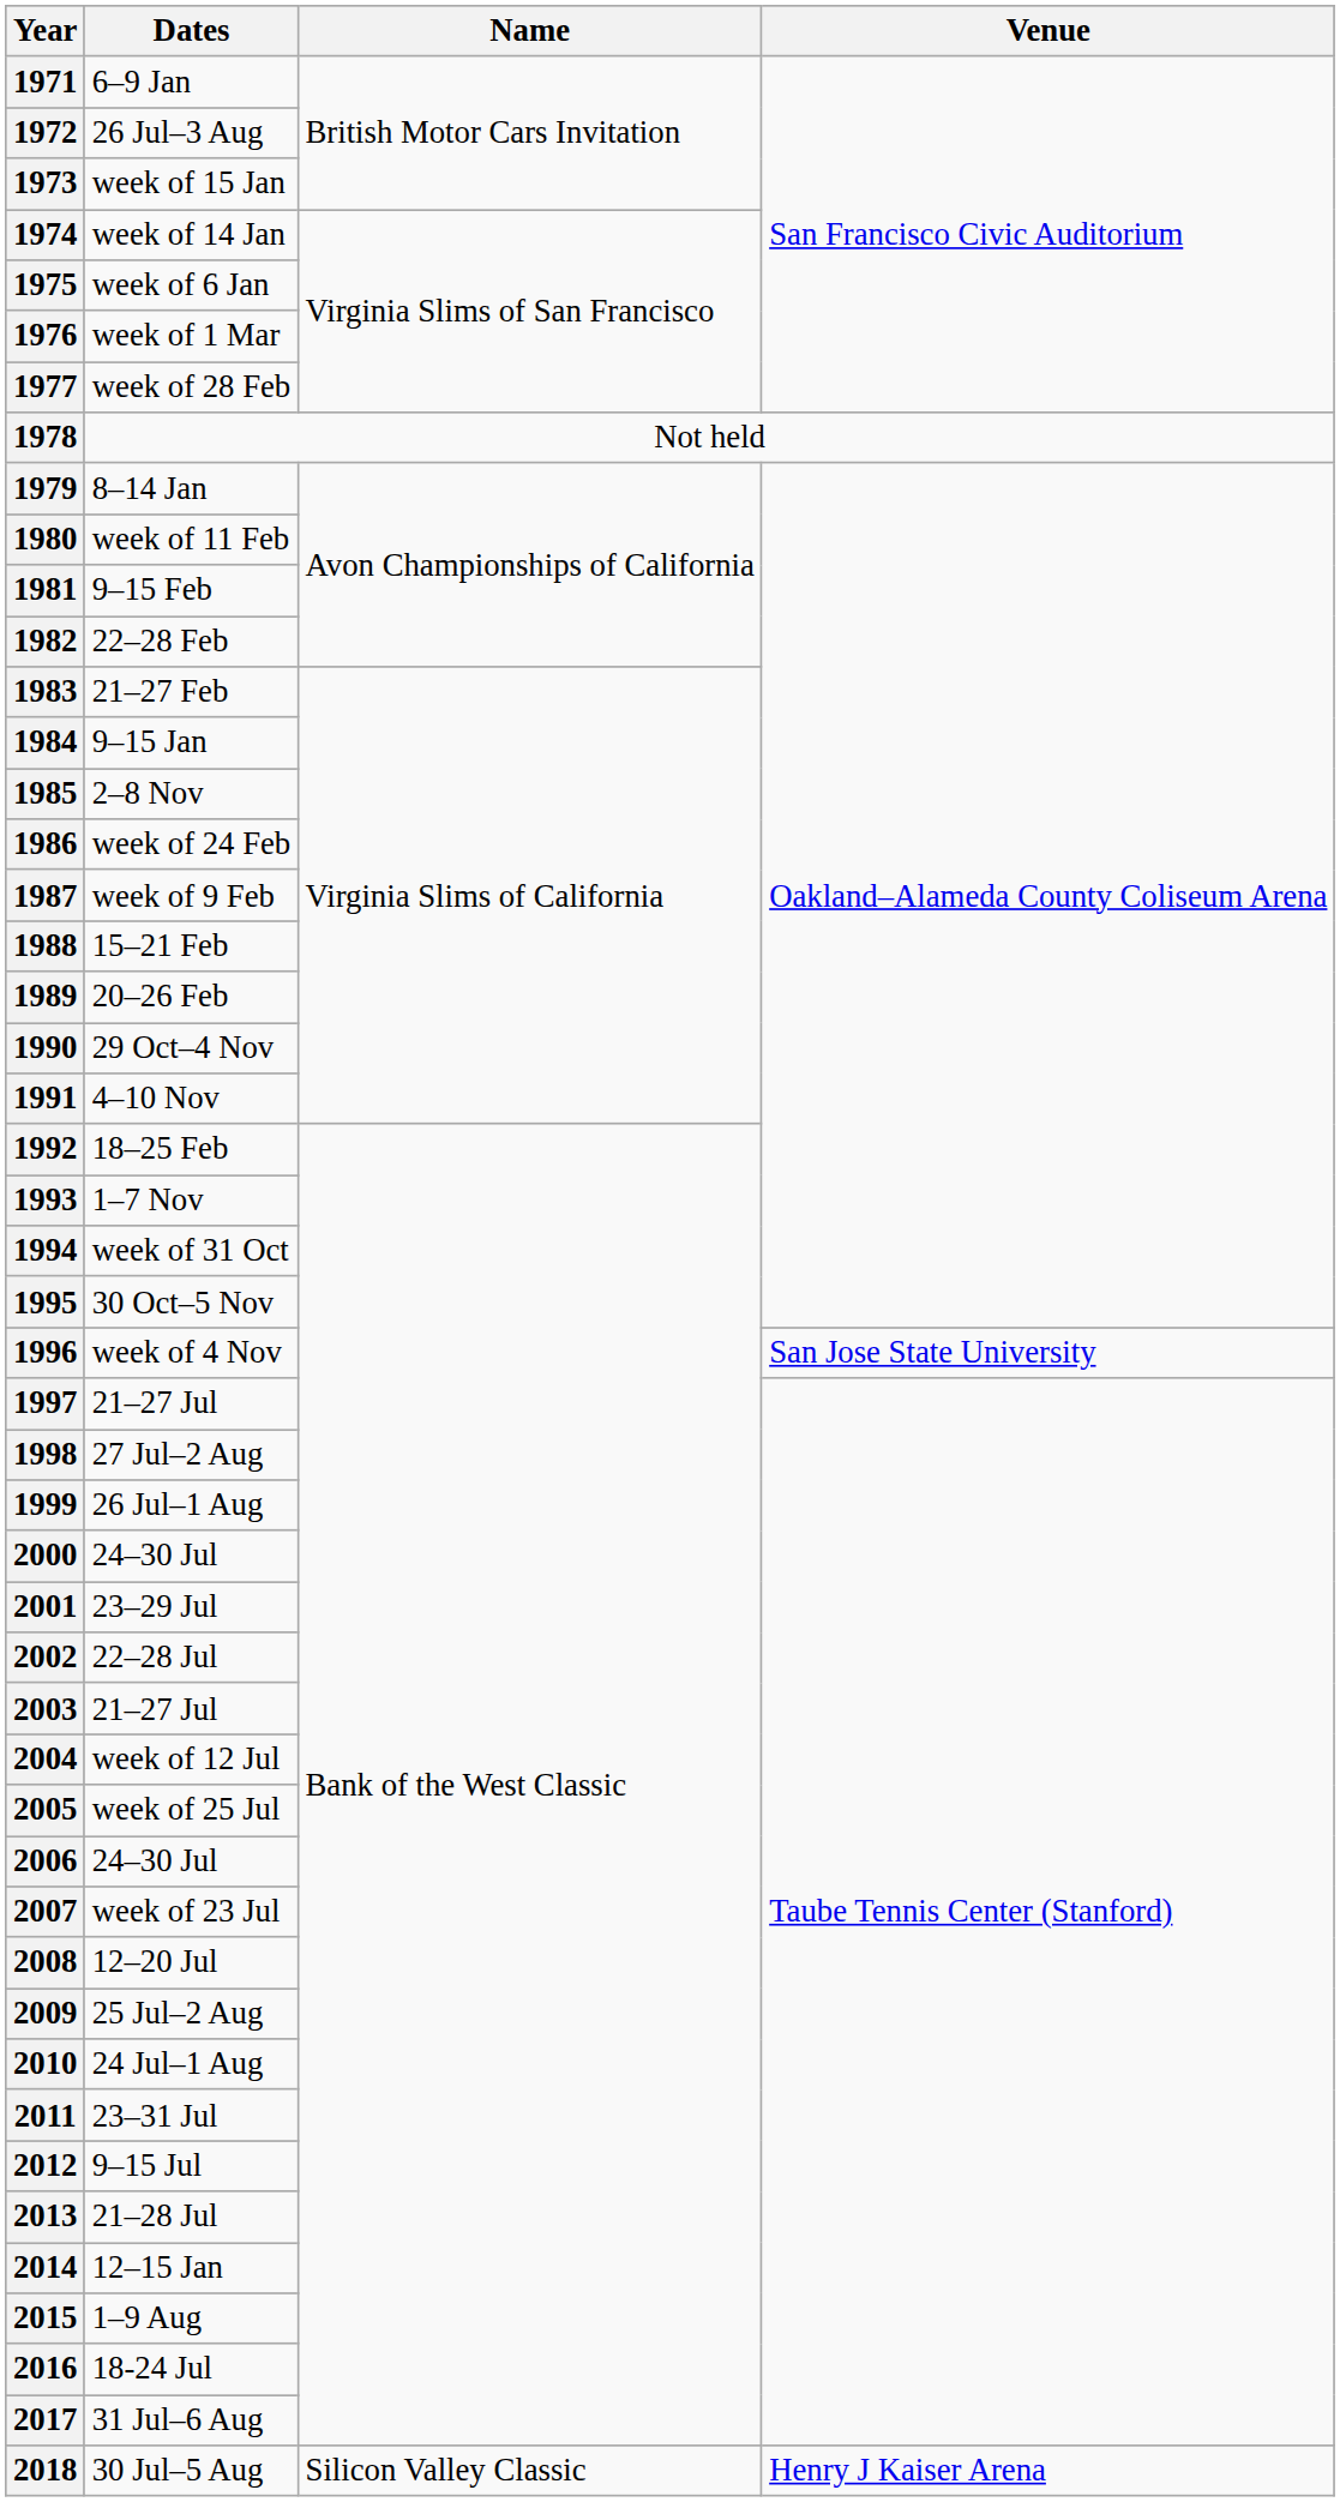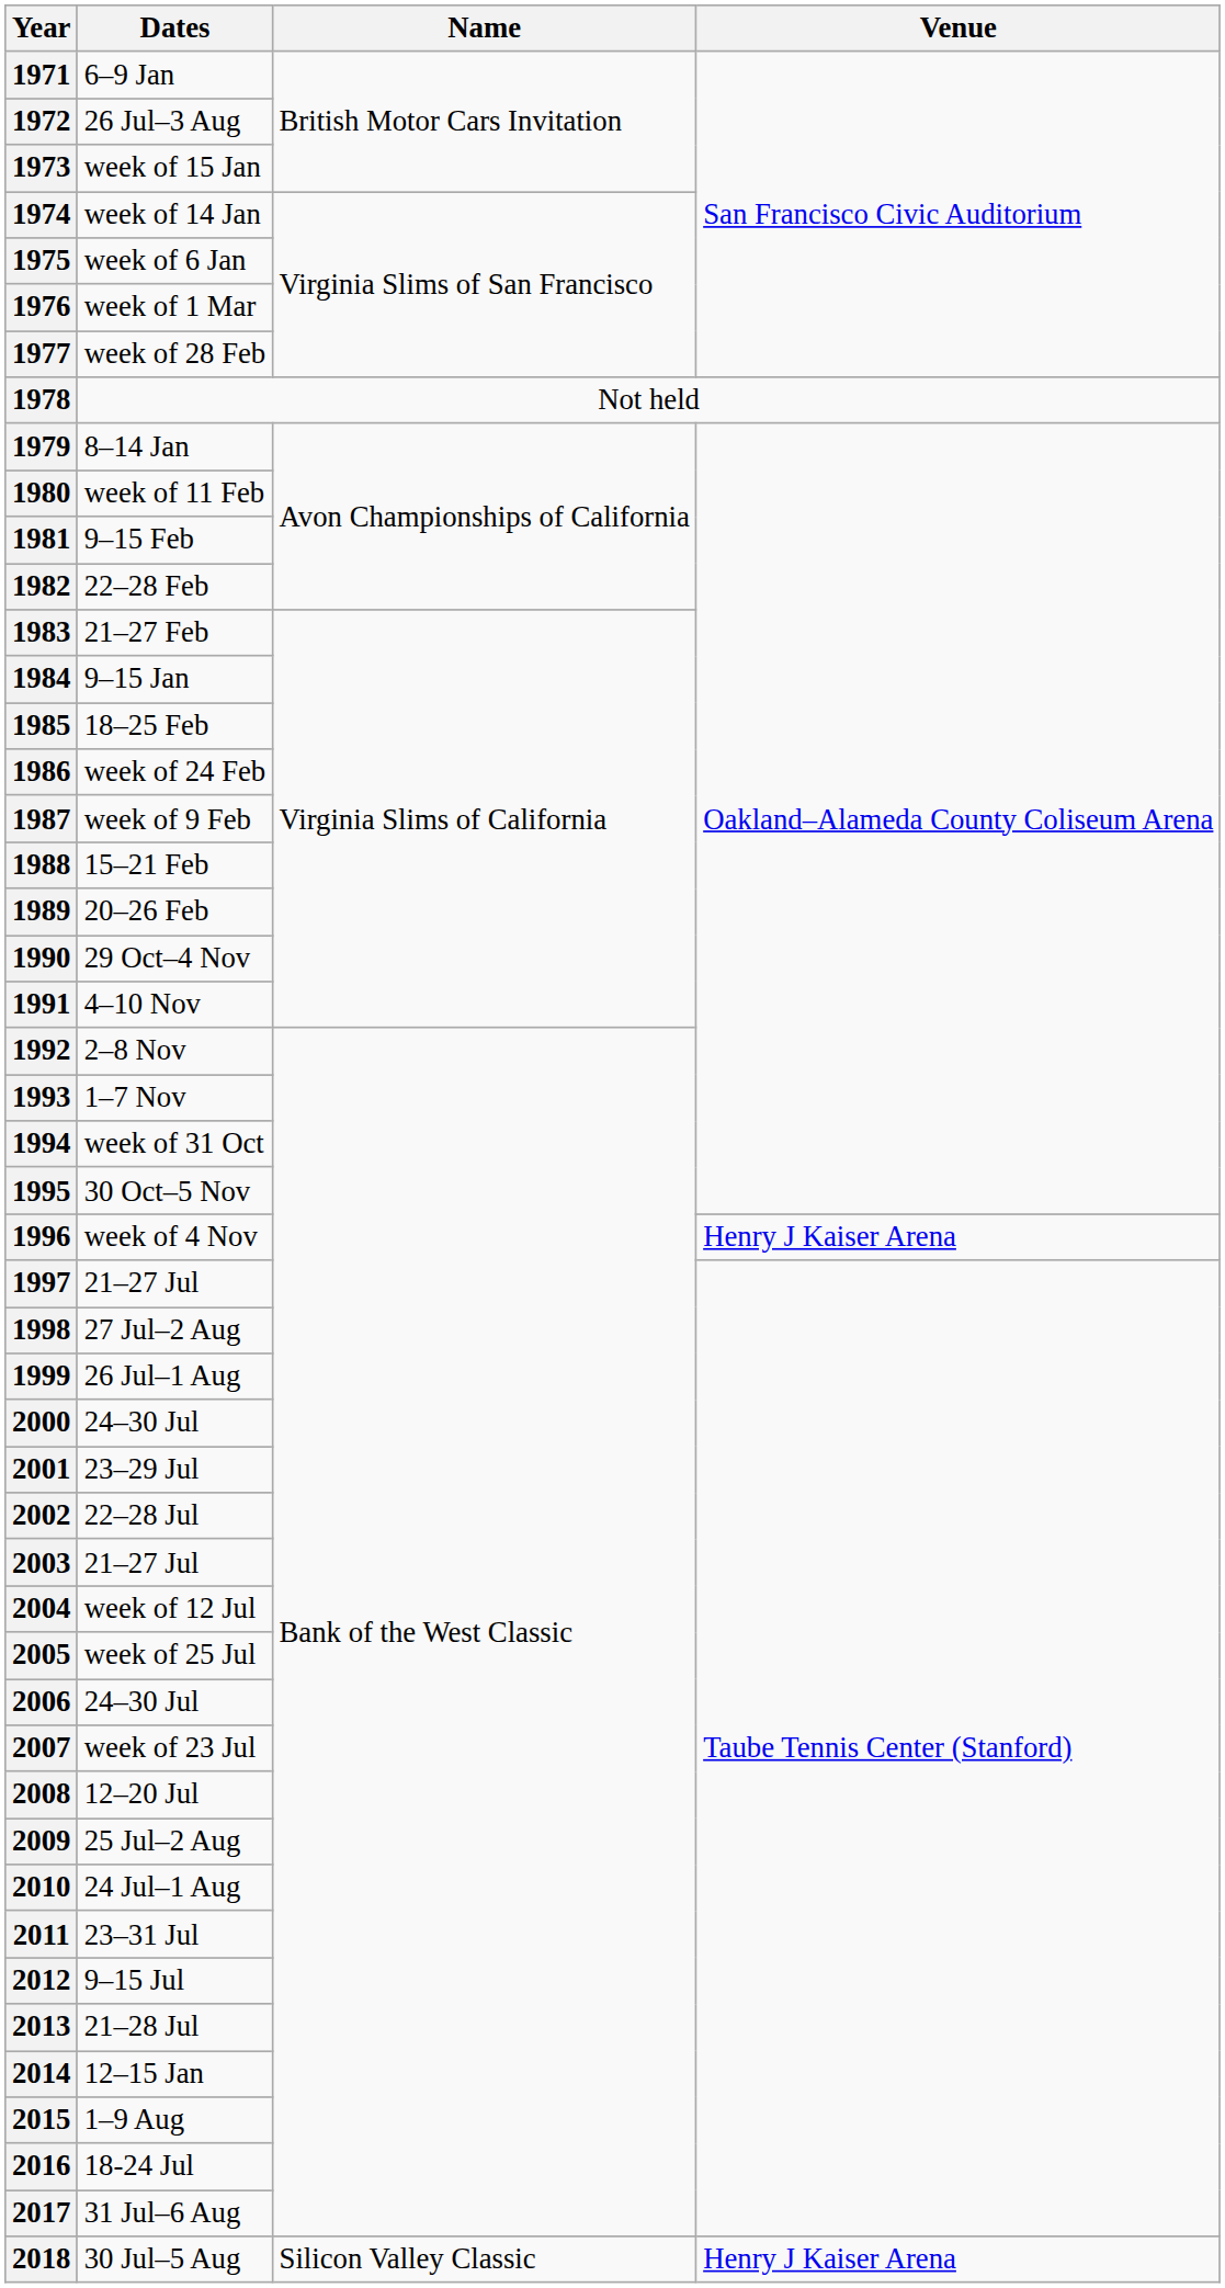 <table class="wikitable">
 <tr>
 <th scope="col">Year</th>
 <th scope="col">Dates</th>
 <th scope="col">Name</th>
 <th scope="col">Venue</th>
 </tr>
 <tr>
 <th>1971</th>
 <td>6–9 Jan</td>
 <td rowspan=3>British Motor Cars Invitation</td>
 <td rowspan=7><a href='#'>San Francisco Civic Auditorium</a></td>
 </tr>
 <tr>
 <th>1972</th>
 <td>26 Jul–3 Aug<br> </td>
 </tr>
 <tr>
 <th>1973</th>
 <td>week of 15 Jan<br> </td>
 </tr>
 <tr>
 <th>1974</th>
 <td>week of 14 Jan</td>
 <td rowspan=4>Virginia Slims of San Francisco<br></td>
 </tr>
 <tr>
 <th>1975</th>
 <td>week of 6 Jan<br> </td>
 </tr>
 <tr>
 <th>1976</th>
 <td>week of 1 Mar<br> </td>
 </tr>
 <tr>
 <th>1977</th>
 <td>week of 28 Feb<br> </td>
 </tr>
 <tr>
 <th>1978</th>
 <td colspan=3 style="text-align:center">Not held</td>
 </tr>
 <tr>
 <th>1979</th>
 <td>8–14 Jan</td>
 <td rowspan=4>Avon Championships of California</td>
 <td rowspan=17><a href='#'>Oakland–Alameda County Coliseum Arena</a></td>
 </tr>
 <tr>
 <th>1980</th>
 <td>week of 11 Feb<br> </td>
 </tr>
 <tr>
 <th>1981</th>
 <td>9–15 Feb<br> </td>
 </tr>
 <tr>
 <th>1982</th>
 <td>22–28 Feb<br> </td>
 </tr>
 <tr>
 <th>1983</th>
 <td>21–27 Feb</td>
 <td rowspan=9>Virginia Slims of California<br></td>
 </tr>
 <tr>
 <th>1984</th>
 <td>9–15 Jan<br> </td>
 </tr>
 <tr>
 <th>1985</th>
-<td>2–8 Nov</td>
+<td>18–25 Feb<br> </td>
 </tr>
 <tr>
 <th>1986</th>
 <td>week of 24 Feb<br> </td>
 </tr>
 <tr>
 <th>1987</th>
 <td>week of 9 Feb<br> </td>
 </tr>
 <tr>
 <th>1988</th>
 <td>15–21 Feb<br> </td>
 </tr>
 <tr>
 <th>1989</th>
 <td>20–26 Feb<br> </td>
 </tr>
 <tr>
 <th>1990</th>
 <td>29 Oct–4 Nov<br> </td>
 </tr>
 <tr>
 <th>1991</th>
 <td>4–10 Nov<br> </td>
 </tr>
 <tr>
 <th>1992</th>
-<td>18–25 Feb<br> </td>
+<td>2–8 Nov</td>
 <td rowspan=26>Bank of the West Classic<br></td>
 </tr>
 <tr>
 <th>1993</th>
 <td>1–7 Nov<br> </td>
 </tr>
 <tr>
 <th>1994</th>
 <td>week of 31 Oct<br> </td>
 </tr>
 <tr>
 <th>1995</th>
 <td>30 Oct–5 Nov<br> </td>
 </tr>
 <tr>
 <th>1996</th>
 <td>week of 4 Nov<br></td>
-<td><a href='#'>San Jose State University</a></td>
+<td><a href='#'>Henry J Kaiser Arena</a></td>
 </tr>
 <tr>
 <th>1997</th>
 <td>21–27 Jul<br></td>
 <td rowspan=21><a href='#'>Taube Tennis Center (Stanford)</a></td>
 </tr>
 <tr>
 <th>1998</th>
 <td>27 Jul–2 Aug<br> </td>
 </tr>
 <tr>
 <th>1999</th>
 <td>26 Jul–1 Aug<br> </td>
 </tr>
 <tr>
 <th>2000</th>
 <td>24–30 Jul<br> </td>
 </tr>
 <tr>
 <th>2001</th>
 <td>23–29 Jul<br> </td>
 </tr>
 <tr>
 <th>2002</th>
 <td>22–28 Jul<br> </td>
 </tr>
 <tr>
 <th>2003</th>
 <td>21–27 Jul<br> </td>
 </tr>
 <tr>
 <th>2004</th>
 <td>week of 12 Jul<br> </td>
 </tr>
 <tr>
 <th>2005</th>
 <td>week of 25 Jul<br> </td>
 </tr>
 <tr>
 <th>2006</th>
 <td>24–30 Jul<br> </td>
 </tr>
 <tr>
 <th>2007</th>
 <td>week of 23 Jul<br> </td>
 </tr>
 <tr>
 <th>2008</th>
 <td>12–20 Jul<br> </td>
 </tr>
 <tr>
 <th>2009</th>
 <td>25 Jul–2 Aug<br> </td>
 </tr>
 <tr>
 <th>2010</th>
 <td>24 Jul–1 Aug<br> </td>
 </tr>
 <tr>
 <th>2011</th>
 <td>23–31 Jul<br> </td>
 </tr>
 <tr>
 <th>2012</th>
 <td>9–15 Jul<br> </td>
 </tr>
 <tr>
 <th>2013</th>
 <td>21–28 Jul<br> </td>
 </tr>
 <tr>
 <th>2014</th>
 <td>12–15 Jan<br> </td>
 </tr>
 <tr>
 <th>2015</th>
 <td>1–9 Aug<br> </td>
 </tr>
 <tr>
 <th>2016</th>
 <td>18-24 Jul<br> </td>
 </tr>
 <tr>
 <th>2017</th>
 <td>31 Jul–6 Aug<br> </td>
 </tr>
 <tr>
 <th>2018</th>
 <td>30 Jul–5 Aug</td>
 <td rowspan=1>Silicon Valley Classic</td>
 <td><a href='#'>Henry J Kaiser Arena</a></td>
 </tr>
 </table>
